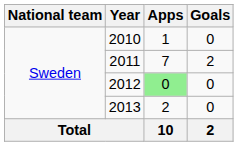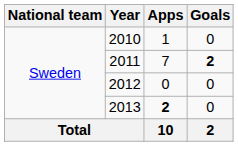 <table class="wikitable" style="text-align:center">
 <tr>
 <th>National team</th>
 <th>Year</th>
 <th>Apps</th>
 <th>Goals</th>
 </tr>
 <tr>
 <td rowspan="4"><a href='#'>Sweden</a></td>
 <td>2010</td>
 <td>1</td>
 <td>0</td>
 </tr>
 <tr>
 <td>2011</td>
 <td>7</td>
-<td>2</td>
+<td><strong>2</strong></td>
 </tr>
 <tr>
 <td>2012</td>
-<td style="background: lightgreen;">0</td>
+<td>0</td>
 <td>0</td>
 </tr>
 <tr>
 <td>2013</td>
-<td>2</td>
+<td><strong>2</strong></td>
 <td>0</td>
 </tr>
 <tr>
 <th colspan="2">Total</th>
 <th>10</th>
 <th>2</th>
 </tr>
 </table>
